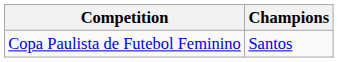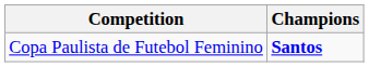 <table class="wikitable">
 <tr>
 <th>Competition</th>
 <th>Champions</th>
 </tr>
 <tr>
 <td><a href='#'>Copa Paulista de Futebol Feminino</a></td>
-<td><a href='#'>Santos</a></td>
+<td><strong><a href='#'>Santos</a></strong></td>
 </tr>
 </table>
